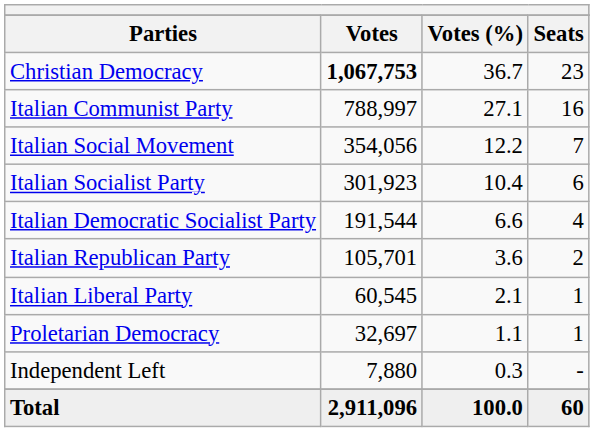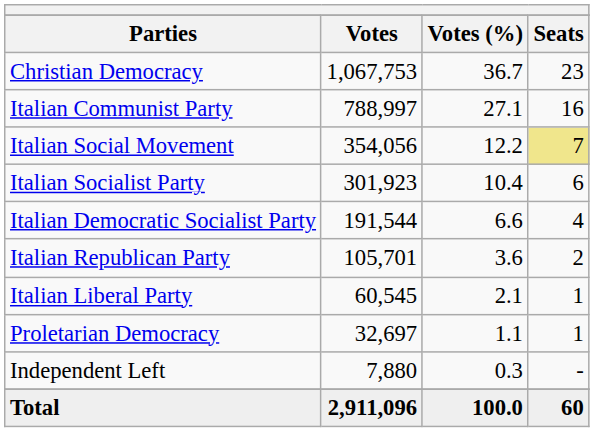 <table class="wikitable" style="font-size:95%">
 <tr>
 <th colspan=4></th>
 </tr>
 <tr>
 </tr>
 <tr bgcolor="EFEFEF">
 <th>Parties</th>
 <th>Votes</th>
 <th>Votes (%)</th>
 <th>Seats</th>
 </tr>
 <tr>
 <td><a href='#'>Christian Democracy</a></td>
-<td align=right><strong>1,067,753</strong></td>
+<td align=right>1,067,753</td>
 <td align=right>36.7</td>
 <td align=right>23</td>
 </tr>
 <tr>
 <td><a href='#'>Italian Communist Party</a></td>
 <td align=right>788,997</td>
 <td align=right>27.1</td>
 <td align=right>16</td>
 </tr>
 <tr>
 <td><a href='#'>Italian Social Movement</a></td>
 <td align=right>354,056</td>
 <td align=right>12.2</td>
-<td align=right>7</td>
+<td align=right style="background: khaki;">7</td>
 </tr>
 <tr>
 <td><a href='#'>Italian Socialist Party</a></td>
 <td align=right>301,923</td>
 <td align=right>10.4</td>
 <td align=right>6</td>
 </tr>
 <tr>
 <td><a href='#'>Italian Democratic Socialist Party</a></td>
 <td align=right>191,544</td>
 <td align=right>6.6</td>
 <td align=right>4</td>
 </tr>
 <tr>
 <td><a href='#'>Italian Republican Party</a></td>
 <td align=right>105,701</td>
 <td align=right>3.6</td>
 <td align=right>2</td>
 </tr>
 <tr>
 <td><a href='#'>Italian Liberal Party</a></td>
 <td align=right>60,545</td>
 <td align=right>2.1</td>
 <td align=right>1</td>
 </tr>
 <tr>
 <td><a href='#'>Proletarian Democracy</a></td>
 <td align=right>32,697</td>
 <td align=right>1.1</td>
 <td align=right>1</td>
 </tr>
 <tr>
 <td>Independent Left</td>
 <td align=right>7,880</td>
 <td align=right>0.3</td>
 <td align=right>-</td>
 </tr>
 <tr>
 </tr>
 <tr bgcolor="EFEFEF">
 <td><strong>Total</strong></td>
 <td align=right><strong>2,911,096</strong></td>
 <td align=right><strong>100.0</strong></td>
 <td align=right><strong>60</strong></td>
 </tr>
 </table>
